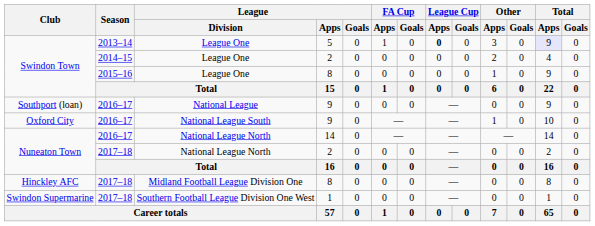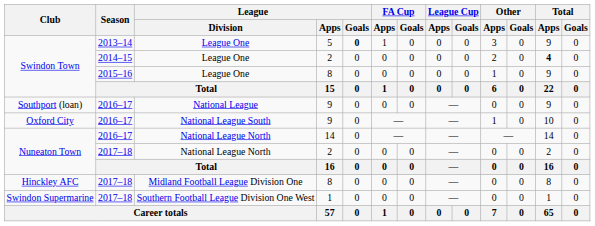 <table class="wikitable" style="text-align:center">
 <tr>
 <th rowspan="2">Club</th>
 <th rowspan="2">Season</th>
 <th colspan="3">League</th>
 <th colspan="2"><a href='#'>FA Cup</a></th>
 <th colspan="2"><a href='#'>League Cup</a></th>
 <th colspan="2">Other</th>
 <th colspan="2">Total</th>
 </tr>
 <tr>
 <th>Division</th>
 <th>Apps</th>
 <th>Goals</th>
 <th>Apps</th>
 <th>Goals</th>
 <th>Apps</th>
 <th>Goals</th>
 <th>Apps</th>
 <th>Goals</th>
 <th>Apps</th>
 <th>Goals</th>
 </tr>
 <tr>
 <td rowspan="4"><a href='#'>Swindon Town</a></td>
 <td><a href='#'>2013–14</a></td>
 <td><a href='#'>League One</a></td>
 <td>5</td>
-<td>0</td>
+<td><strong>0</strong></td>
 <td>1</td>
 <td>0</td>
-<td><strong>0</strong></td>
+<td>0</td>
 <td>0</td>
 <td>3</td>
 <td>0</td>
-<td style="background: lavender;">9</td>
+<td>9</td>
 <td>0</td>
 </tr>
 <tr>
 <td><a href='#'>2014–15</a></td>
 <td>League One</td>
 <td>2</td>
 <td>0</td>
 <td>0</td>
 <td>0</td>
 <td>0</td>
 <td>0</td>
 <td>2</td>
 <td>0</td>
-<td>4</td>
+<td><strong>4</strong></td>
 <td>0</td>
 </tr>
 <tr>
 <td><a href='#'>2015–16</a></td>
 <td>League One</td>
 <td>8</td>
 <td>0</td>
 <td>0</td>
 <td>0</td>
 <td>0</td>
 <td>0</td>
 <td>1</td>
 <td>0</td>
 <td>9</td>
 <td>0</td>
 </tr>
 <tr>
 <th colspan="2">Total</th>
 <th>15</th>
 <th>0</th>
 <th>1</th>
 <th>0</th>
 <th>0</th>
 <th>0</th>
 <th>6</th>
 <th>0</th>
 <th>22</th>
 <th>0</th>
 </tr>
 <tr>
 <td rowspan="1"><a href='#'>Southport</a> (loan)</td>
 <td><a href='#'>2016–17</a></td>
 <td><a href='#'>National League</a></td>
 <td>9</td>
 <td>0</td>
 <td>0</td>
 <td>0</td>
 <td colspan="2">—</td>
 <td>0</td>
 <td>0</td>
 <td>9</td>
 <td>0</td>
 </tr>
 <tr>
 <td rowspan="1"><a href='#'>Oxford City</a></td>
 <td><a href='#'>2016–17</a></td>
 <td><a href='#'>National League South</a></td>
 <td>9</td>
 <td>0</td>
 <td colspan="2">—</td>
 <td colspan="2">—</td>
 <td>1</td>
 <td>0</td>
 <td>10</td>
 <td>0</td>
 </tr>
 <tr>
 <td rowspan="3"><a href='#'>Nuneaton Town</a></td>
 <td><a href='#'>2016–17</a></td>
 <td><a href='#'>National League North</a></td>
 <td>14</td>
 <td>0</td>
 <td colspan="2">—</td>
 <td colspan="2">—</td>
 <td colspan="2">—</td>
 <td>14</td>
 <td>0</td>
 </tr>
 <tr>
 <td><a href='#'>2017–18</a></td>
 <td>National League North</td>
 <td>2</td>
 <td>0</td>
 <td>0</td>
 <td>0</td>
 <td colspan="2">—</td>
 <td>0</td>
 <td>0</td>
 <td>2</td>
 <td>0</td>
 </tr>
 <tr>
 <th colspan="2">Total</th>
 <th>16</th>
 <th>0</th>
 <th>0</th>
 <th>0</th>
 <th colspan="2">—</th>
 <th>0</th>
 <th>0</th>
 <th>16</th>
 <th>0</th>
 </tr>
 <tr>
 <td rowspan="1"><a href='#'>Hinckley AFC</a></td>
 <td><a href='#'>2017–18</a></td>
 <td><a href='#'>Midland Football League</a> Division One</td>
 <td>8</td>
 <td>0</td>
 <td>0</td>
 <td>0</td>
 <td colspan="2">—</td>
 <td>0</td>
 <td>0</td>
 <td>8</td>
 <td>0</td>
 </tr>
 <tr>
 <td rowspan="1"><a href='#'>Swindon Supermarine</a></td>
 <td><a href='#'>2017–18</a></td>
 <td><a href='#'>Southern Football League</a> Division One West</td>
 <td>1</td>
 <td>0</td>
 <td>0</td>
 <td>0</td>
 <td colspan="2">—</td>
 <td>0</td>
 <td>0</td>
 <td>1</td>
 <td>0</td>
 </tr>
 <tr>
 <th colspan="3">Career totals</th>
 <th>57</th>
 <th>0</th>
 <th>1</th>
 <th>0</th>
 <th>0</th>
 <th>0</th>
 <th>7</th>
 <th>0</th>
 <th>65</th>
 <th>0</th>
 </tr>
 </table>
